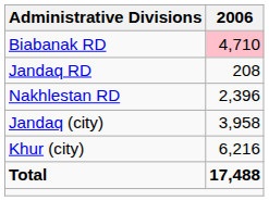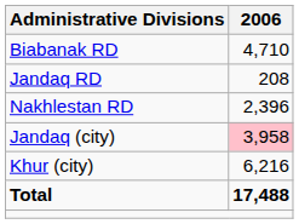 <table class="wikitable">
 <tr>
 <th>Administrative Divisions</th>
 <th>2006</th>
 </tr>
 <tr>
 <td><a href='#'>Biabanak RD</a></td>
-<td style="background: pink; text-align: right;">4,710</td>
+<td style="text-align: right;">4,710</td>
 </tr>
 <tr>
 <td><a href='#'>Jandaq RD</a></td>
 <td style="text-align: right;">208</td>
 </tr>
 <tr>
 <td><a href='#'>Nakhlestan RD</a></td>
 <td style="text-align: right;">2,396</td>
 </tr>
 <tr>
 <td><a href='#'>Jandaq</a> (city)</td>
-<td style="text-align: right;">3,958</td>
+<td style="background: pink; text-align: right;">3,958</td>
 </tr>
 <tr>
 <td><a href='#'>Khur</a> (city)</td>
 <td style="text-align: right;">6,216</td>
 </tr>
 <tr>
 <td><strong>Total</strong></td>
 <td style="text-align: right;"><strong>17,488</strong></td>
 </tr>
 <tr>
 <td colspan=4></td>
 </tr>
 </table>
